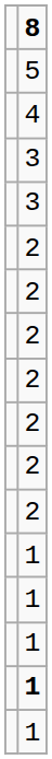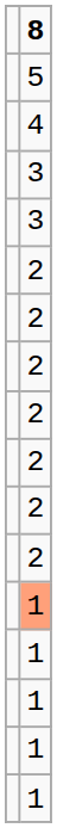 <table class="wikitable">
 <tr>
 </tr>
 <tr>
 <td><a href='#'><strong></strong></a></td>
 <td align=center><strong>8</strong></td>
 </tr>
 <tr>
 <td><a href='#'><strong></strong></a></td>
 <td align=center>5</td>
 </tr>
 <tr>
 <td><a href='#'><strong></strong></a></td>
 <td align=center>4</td>
 </tr>
 <tr>
 <td><a href='#'><strong></strong></a></td>
 <td align=center>3</td>
 </tr>
 <tr>
 <td><a href='#'><strong></strong></a></td>
 <td align=center>3</td>
 </tr>
 <tr>
 <td><a href='#'><strong></strong></a></td>
 <td align=center>2</td>
 </tr>
 <tr>
 <td><a href='#'><strong></strong></a></td>
 <td align=center>2</td>
 </tr>
 <tr>
 <td><a href='#'><strong></strong></a></td>
 <td align=center>2</td>
 </tr>
 <tr>
 <td><a href='#'><strong></strong></a></td>
 <td align=center>2</td>
 </tr>
 <tr>
 <td><a href='#'><strong></strong></a></td>
 <td align=center>2</td>
 </tr>
 <tr>
 <td><a href='#'><strong></strong></a></td>
 <td align=center>2</td>
 </tr>
 <tr>
 <td><a href='#'><strong></strong></a></td>
 <td align=center>2</td>
 </tr>
 <tr>
 <td><a href='#'><strong></strong></a></td>
+<td align=center style="background: lightsalmon;">1</td>
+</tr>
+<tr>
+<td><a href='#'><strong></strong></a></td>
 <td align=center>1</td>
 </tr>
 <tr>
 <td><a href='#'><strong></strong></a></td>
 <td align=center>1</td>
 </tr>
 <tr>
 <td><a href='#'><strong></strong></a></td>
 <td align=center>1</td>
 </tr>
 <tr>
 <td><a href='#'><strong></strong></a></td>
-<td align=center><strong>1</strong></td>
-</tr>
-<tr>
-<td><a href='#'><strong></strong></a></td>
 <td align=center>1</td>
 </tr>
 </table>
